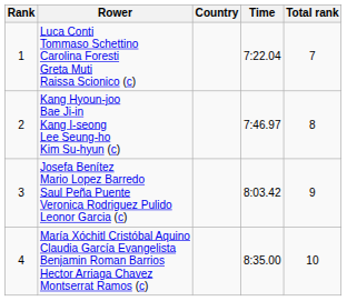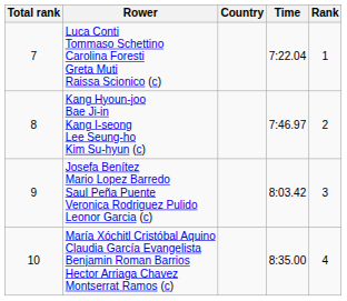 <table class="wikitable" style="text-align:center">
 <tr>
-<th>Rank</th>
+<th>Total rank</th>
 <th>Rower</th>
 <th>Country</th>
 <th>Time</th>
-<th>Total rank</th>
+<th>Rank</th>
 </tr>
 <tr>
-<td>1</td>
+<td>7</td>
 <td align="left"><a href='#'>Luca Conti</a><br><a href='#'>Tommaso Schettino</a><br><a href='#'>Carolina Foresti</a><br><a href='#'>Greta Muti</a><br><a href='#'>Raissa Scionico</a> (<a href='#'>c</a>)</td>
 <td align="left"></td>
 <td>7:22.04</td>
-<td>7</td>
+<td>1</td>
 </tr>
 <tr>
-<td>2</td>
+<td>8</td>
 <td align="left"><a href='#'>Kang Hyoun-joo</a><br><a href='#'>Bae Ji-in</a><br><a href='#'>Kang I-seong</a><br><a href='#'>Lee Seung-ho</a><br><a href='#'>Kim Su-hyun</a> (<a href='#'>c</a>)</td>
 <td align="left"></td>
 <td>7:46.97</td>
-<td>8</td>
+<td>2</td>
 </tr>
 <tr>
-<td>3</td>
+<td>9</td>
 <td align="left"><a href='#'>Josefa Benítez</a><br><a href='#'>Mario Lopez Barredo</a><br><a href='#'>Saul Peña Puente</a><br><a href='#'>Veronica Rodriguez Pulido</a><br><a href='#'>Leonor Garcia</a> (<a href='#'>c</a>)</td>
 <td align="left"></td>
 <td>8:03.42</td>
-<td>9</td>
+<td>3</td>
 </tr>
 <tr>
-<td>4</td>
+<td>10</td>
 <td align="left"><a href='#'>María Xóchitl Cristóbal Aquino</a><br><a href='#'>Claudia García Evangelista</a><br><a href='#'>Benjamin Roman Barrios</a><br><a href='#'>Hector Arriaga Chavez</a><br><a href='#'>Montserrat Ramos</a> (<a href='#'>c</a>)</td>
 <td align="left"></td>
 <td>8:35.00</td>
-<td>10</td>
+<td>4</td>
 </tr>
 </table>
